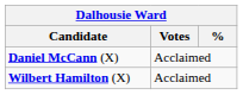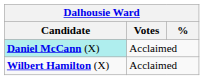 <table class="wikitable">
 <tr>
 <th colspan="3"><a href='#'>Dalhousie Ward</a></th>
 </tr>
 <tr>
 <th style="width: 170px">Candidate</th>
 <th style="width: 50px">Votes</th>
 <th style="width: 40px">%</th>
 </tr>
 <tr>
-<td><strong><a href='#'>Daniel McCann</a></strong> (X)</td>
+<td style="background: paleturquoise;"><strong><a href='#'>Daniel McCann</a></strong> (X)</td>
 <td colspan="2">Acclaimed</td>
 </tr>
 <tr>
 <td><strong><a href='#'>Wilbert Hamilton</a></strong> (X)</td>
 <td colspan="2">Acclaimed</td>
 </tr>
 </table>
